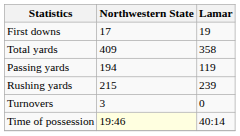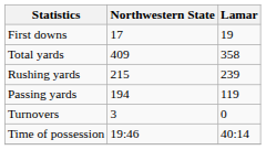 <table class="wikitable">
 <tr>
 <th>Statistics</th>
 <th>Northwestern State</th>
 <th>Lamar</th>
 </tr>
 <tr>
 <td>First downs</td>
 <td>17</td>
 <td>19</td>
 </tr>
 <tr>
 <td>Total yards</td>
 <td>409</td>
 <td>358</td>
 </tr>
 <tr>
+<td>Rushing yards</td>
+<td>215</td>
+<td>239</td>
+</tr>
+<tr>
 <td>Passing yards</td>
 <td>194</td>
 <td>119</td>
-</tr>
-<tr>
-<td>Rushing yards</td>
-<td>215</td>
-<td>239</td>
 </tr>
 <tr>
 <td>Turnovers</td>
 <td>3</td>
 <td>0</td>
 </tr>
 <tr>
 <td>Time of possession</td>
-<td style="background: lightyellow;">19:46</td>
+<td>19:46</td>
 <td>40:14</td>
 </tr>
 <tr>
 </tr>
 </table>
